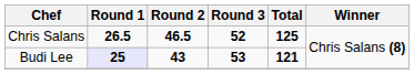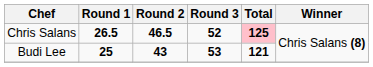 <table class="wikitable"  style="float:left; margin:auto; text-align:center;">
 <tr>
 <th>Chef</th>
 <th>Round 1</th>
 <th>Round 2</th>
 <th>Round 3</th>
 <th>Total</th>
 <th>Winner</th>
 </tr>
 <tr>
 <td>Chris Salans</td>
 <td><strong>26.5</strong></td>
 <td><strong>46.5</strong></td>
 <td><strong>52</strong></td>
-<td><strong>125</strong></td>
+<td style="background: pink;"><strong>125</strong></td>
 <td rowspan=2>Chris Salans <strong>(8)</strong></td>
 </tr>
 <tr>
 <td>Budi Lee</td>
-<td style="background: lavender;"><strong>25</strong></td>
+<td><strong>25</strong></td>
 <td><strong>43</strong></td>
 <td><strong>53</strong></td>
 <td><strong>121</strong></td>
 </tr>
 <tr>
 </tr>
 </table>
